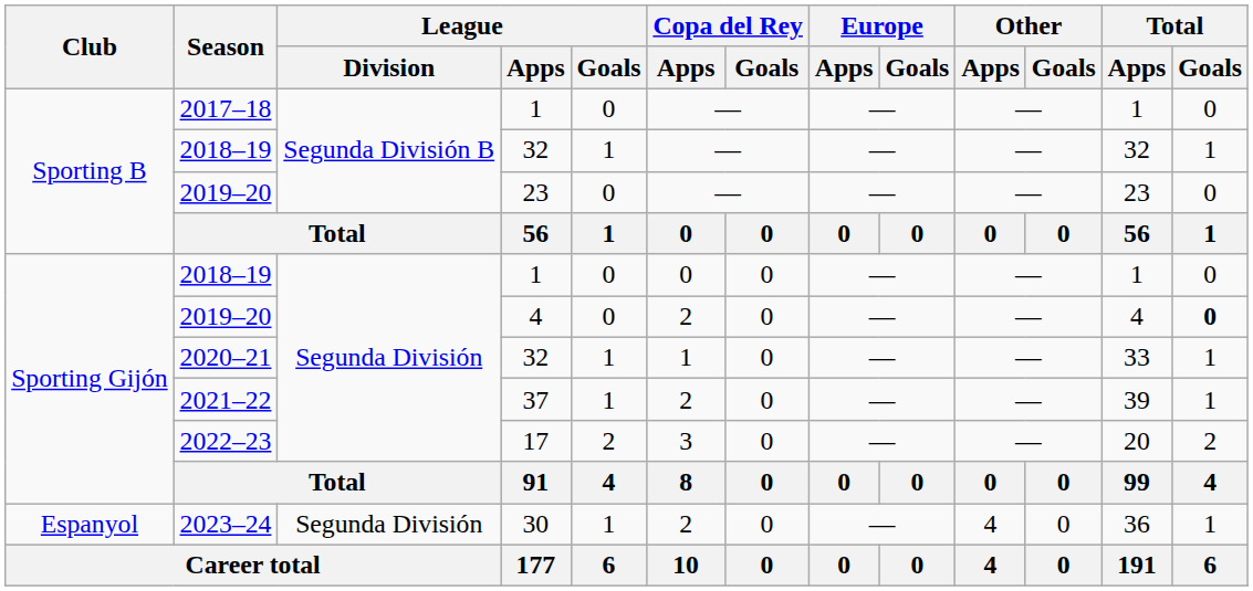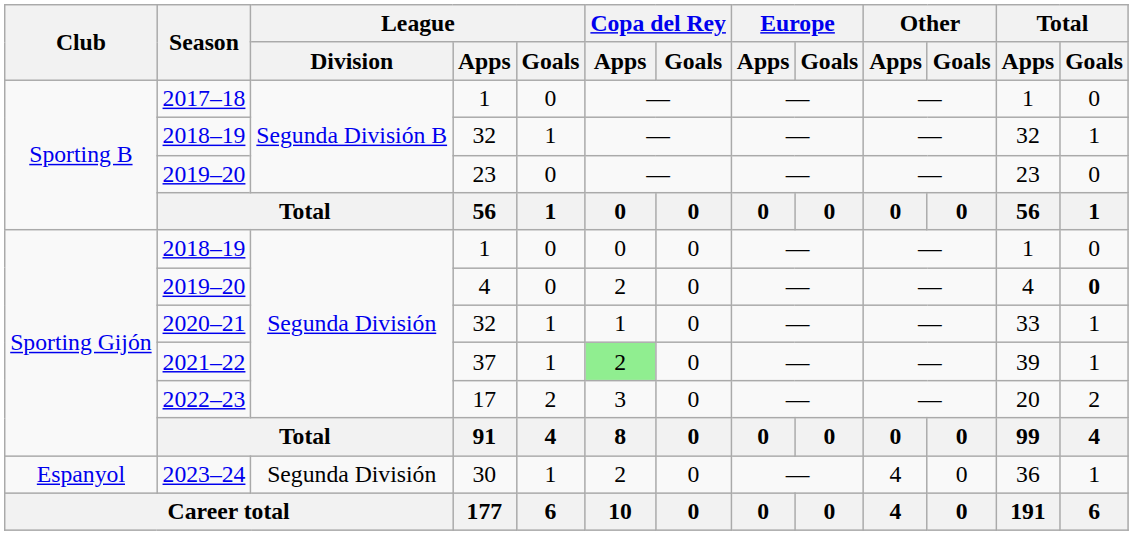 <table class="wikitable" style="text-align:center">
 <tr>
 <th rowspan="2">Club</th>
 <th rowspan="2">Season</th>
 <th colspan="3">League</th>
 <th colspan="2"><a href='#'>Copa del Rey</a></th>
 <th colspan="2"><a href='#'>Europe</a></th>
 <th colspan="2">Other</th>
 <th colspan="2">Total</th>
 </tr>
 <tr>
 <th>Division</th>
 <th>Apps</th>
 <th>Goals</th>
 <th>Apps</th>
 <th>Goals</th>
 <th>Apps</th>
 <th>Goals</th>
 <th>Apps</th>
 <th>Goals</th>
 <th>Apps</th>
 <th>Goals</th>
 </tr>
 <tr>
 <td rowspan="4"><a href='#'>Sporting B</a></td>
 <td><a href='#'>2017–18</a></td>
 <td rowspan="3"><a href='#'>Segunda División B</a></td>
 <td>1</td>
 <td>0</td>
 <td colspan="2">—</td>
 <td colspan="2">—</td>
 <td colspan="2">—</td>
 <td>1</td>
 <td>0</td>
 </tr>
 <tr>
 <td><a href='#'>2018–19</a></td>
 <td>32</td>
 <td>1</td>
 <td colspan="2">—</td>
 <td colspan="2">—</td>
 <td colspan="2">—</td>
 <td>32</td>
 <td>1</td>
 </tr>
 <tr>
 <td><a href='#'>2019–20</a></td>
 <td>23</td>
 <td>0</td>
 <td colspan="2">—</td>
 <td colspan="2">—</td>
 <td colspan="2">—</td>
 <td>23</td>
 <td>0</td>
 </tr>
 <tr>
 <th colspan="2">Total</th>
 <th>56</th>
 <th>1</th>
 <th>0</th>
 <th>0</th>
 <th>0</th>
 <th>0</th>
 <th>0</th>
 <th>0</th>
 <th>56</th>
 <th>1</th>
 </tr>
 <tr>
 <td rowspan="6"><a href='#'>Sporting Gijón</a></td>
 <td><a href='#'>2018–19</a></td>
 <td rowspan="5"><a href='#'>Segunda División</a></td>
 <td>1</td>
 <td>0</td>
 <td>0</td>
 <td>0</td>
 <td colspan="2">—</td>
 <td colspan="2">—</td>
 <td>1</td>
 <td>0</td>
 </tr>
 <tr>
 <td><a href='#'>2019–20</a></td>
 <td>4</td>
 <td>0</td>
 <td>2</td>
 <td>0</td>
 <td colspan="2">—</td>
 <td colspan="2">—</td>
 <td>4</td>
 <td><strong>0</strong></td>
 </tr>
 <tr>
 <td><a href='#'>2020–21</a></td>
 <td>32</td>
 <td>1</td>
 <td>1</td>
 <td>0</td>
 <td colspan="2">—</td>
 <td colspan="2">—</td>
 <td>33</td>
 <td>1</td>
 </tr>
 <tr>
 <td><a href='#'>2021–22</a></td>
 <td>37</td>
 <td>1</td>
-<td>2</td>
+<td style="background: lightgreen;">2</td>
 <td>0</td>
 <td colspan="2">—</td>
 <td colspan="2">—</td>
 <td>39</td>
 <td>1</td>
 </tr>
 <tr>
 <td><a href='#'>2022–23</a></td>
 <td>17</td>
 <td>2</td>
 <td>3</td>
 <td>0</td>
 <td colspan="2">—</td>
 <td colspan="2">—</td>
 <td>20</td>
 <td>2</td>
 </tr>
 <tr>
 <th colspan="2">Total</th>
 <th>91</th>
 <th>4</th>
 <th>8</th>
 <th>0</th>
 <th>0</th>
 <th>0</th>
 <th>0</th>
 <th>0</th>
 <th>99</th>
 <th>4</th>
 </tr>
 <tr>
 <td><a href='#'>Espanyol</a></td>
 <td><a href='#'>2023–24</a></td>
 <td>Segunda División</td>
 <td>30</td>
 <td>1</td>
 <td>2</td>
 <td>0</td>
 <td colspan="2">—</td>
 <td>4</td>
 <td>0</td>
 <td>36</td>
 <td>1</td>
 </tr>
 <tr>
 <th colspan="3">Career total</th>
 <th>177</th>
 <th>6</th>
 <th>10</th>
 <th>0</th>
 <th>0</th>
 <th>0</th>
 <th>4</th>
 <th>0</th>
 <th>191</th>
 <th>6</th>
 </tr>
 </table>
